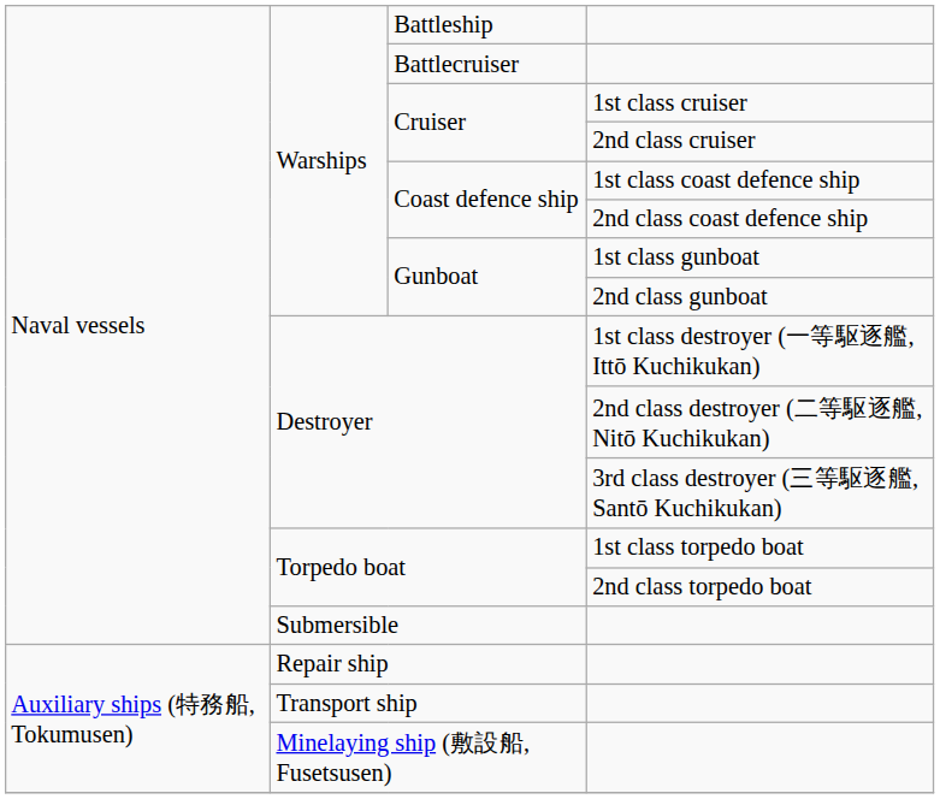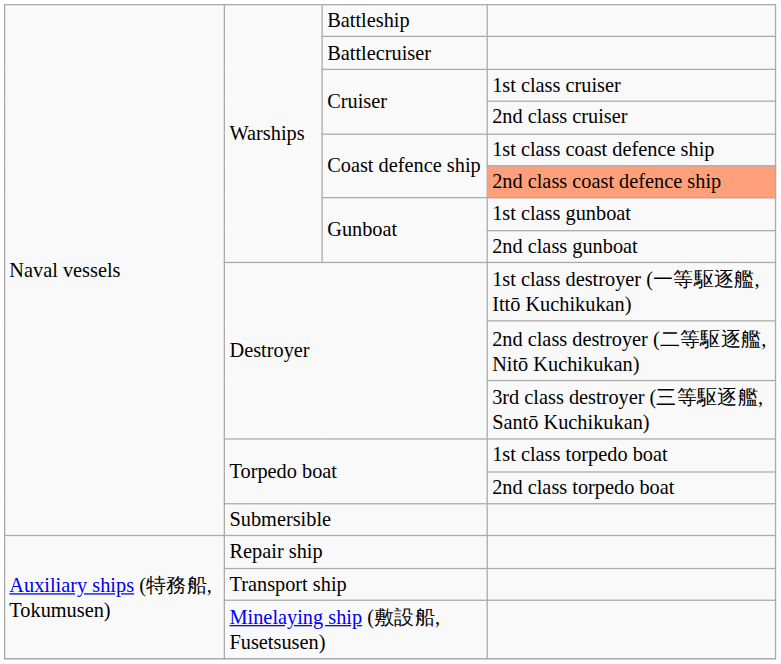 <table class="wikitable">
 <tr>
 <td rowspan="14">Naval vessels</td>
 <td rowspan="8">Warships</td>
 <td>Battleship</td>
 <td></td>
 </tr>
 <tr>
 <td>Battlecruiser</td>
 <td></td>
 </tr>
 <tr>
 <td rowspan="2">Cruiser</td>
 <td>1st class cruiser</td>
 </tr>
 <tr>
 <td>2nd class cruiser</td>
 </tr>
 <tr>
 <td rowspan="2">Coast defence ship</td>
 <td>1st class coast defence ship</td>
 </tr>
 <tr>
-<td>2nd class coast defence ship</td>
+<td style="background: lightsalmon;">2nd class coast defence ship</td>
 </tr>
 <tr>
 <td rowspan="2">Gunboat</td>
 <td>1st class gunboat</td>
 </tr>
 <tr>
 <td>2nd class gunboat</td>
 </tr>
 <tr>
 <td colspan="2" rowspan="3">Destroyer</td>
 <td>1st class destroyer (一等駆逐艦, Ittō Kuchikukan)</td>
 </tr>
 <tr>
 <td>2nd class destroyer (二等駆逐艦, Nitō Kuchikukan)</td>
 </tr>
 <tr>
 <td>3rd class destroyer (三等駆逐艦, Santō Kuchikukan)</td>
 </tr>
 <tr>
 <td colspan="2" rowspan="2">Torpedo boat</td>
 <td>1st class torpedo boat</td>
 </tr>
 <tr>
 <td>2nd class torpedo boat</td>
 </tr>
 <tr>
 <td colspan="2">Submersible</td>
 <td></td>
 </tr>
 <tr>
 <td rowspan="3"><a href='#'>Auxiliary ships</a> (特務船, Tokumusen)</td>
 <td colspan="2">Repair ship</td>
 <td></td>
 </tr>
 <tr>
 <td colspan="2">Transport ship</td>
 <td></td>
 </tr>
 <tr>
 <td colspan="2"><a href='#'>Minelaying ship</a> (敷設船, Fusetsusen)</td>
 <td></td>
 </tr>
 <tr>
 </tr>
 </table>
